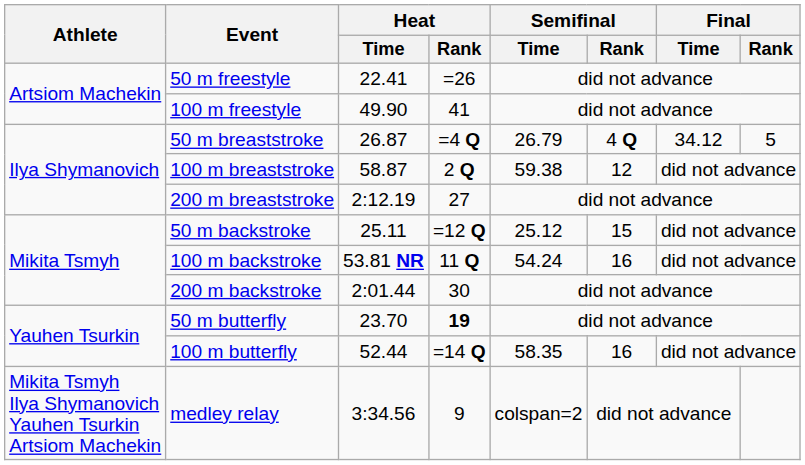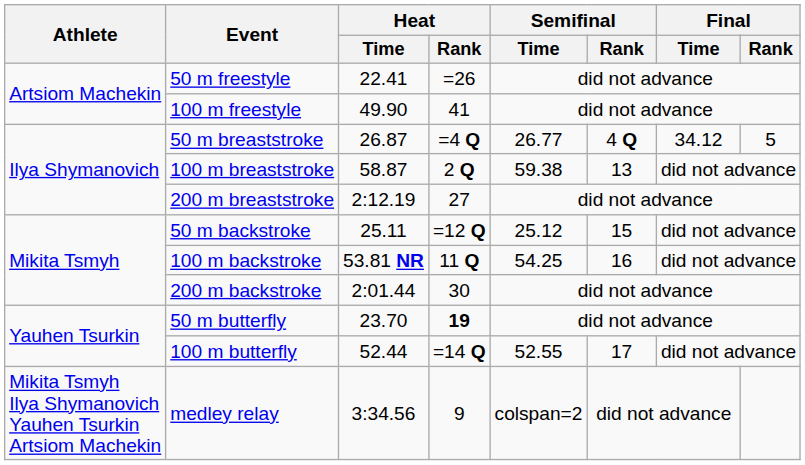 <table class="wikitable" style="text-align:center; font-size:90%">
 <tr>
 <th rowspan="2">Athlete</th>
 <th rowspan="2">Event</th>
 <th colspan="2">Heat</th>
 <th colspan="2">Semifinal</th>
 <th colspan="2">Final</th>
 </tr>
 <tr style="font-size:95%">
 <th>Time</th>
 <th>Rank</th>
 <th>Time</th>
 <th>Rank</th>
 <th>Time</th>
 <th>Rank</th>
 </tr>
 <tr>
 <td align=left rowspan=2><a href='#'>Artsiom Machekin</a></td>
 <td align=left><a href='#'>50 m freestyle</a></td>
 <td>22.41</td>
 <td>=26</td>
 <td colspan=4>did not advance</td>
 </tr>
 <tr>
 <td align=left><a href='#'>100 m freestyle</a></td>
 <td>49.90</td>
 <td>41</td>
 <td colspan=4>did not advance</td>
 </tr>
 <tr>
 <td align=left rowspan=3><a href='#'>Ilya Shymanovich</a></td>
 <td align=left><a href='#'>50 m breaststroke</a></td>
 <td>26.87</td>
 <td>=4 <strong>Q</strong></td>
-<td>26.79</td>
+<td>26.77</td>
 <td>4 <strong>Q</strong></td>
 <td>34.12</td>
 <td>5</td>
 </tr>
 <tr>
 <td align=left><a href='#'>100 m breaststroke</a></td>
 <td>58.87</td>
 <td>2 <strong>Q</strong></td>
 <td>59.38</td>
-<td>12</td>
+<td>13</td>
 <td colspan=2>did not advance</td>
 </tr>
 <tr>
 <td align=left><a href='#'>200 m breaststroke</a></td>
 <td>2:12.19</td>
 <td>27</td>
 <td colspan=4>did not advance</td>
 </tr>
 <tr>
 <td align=left rowspan=3><a href='#'>Mikita Tsmyh</a></td>
 <td align=left><a href='#'>50 m backstroke</a></td>
 <td>25.11</td>
 <td>=12 <strong>Q</strong></td>
 <td>25.12</td>
 <td>15</td>
 <td colspan=2>did not advance</td>
 </tr>
 <tr>
 <td align=left><a href='#'>100 m backstroke</a></td>
 <td>53.81 <strong><a href='#'>NR</a></strong></td>
 <td>11 <strong>Q</strong></td>
-<td>54.24</td>
+<td>54.25</td>
 <td>16</td>
 <td colspan=2>did not advance</td>
 </tr>
 <tr>
 <td align=left><a href='#'>200 m backstroke</a></td>
 <td>2:01.44</td>
 <td>30</td>
 <td colspan=4>did not advance</td>
 </tr>
 <tr>
 <td align=left rowspan=2><a href='#'>Yauhen Tsurkin</a></td>
 <td align=left><a href='#'>50 m butterfly</a></td>
 <td>23.70</td>
 <td><strong>19</strong></td>
 <td colspan=4>did not advance</td>
 </tr>
 <tr>
 <td align=left><a href='#'>100 m butterfly</a></td>
 <td>52.44</td>
 <td>=14 <strong>Q</strong></td>
-<td>58.35</td>
-<td>16</td>
+<td>52.55</td>
+<td>17</td>
 <td colspan=2>did not advance</td>
 </tr>
 <tr>
 <td align=left><a href='#'>Mikita Tsmyh</a><br><a href='#'>Ilya Shymanovich</a><br><a href='#'>Yauhen Tsurkin</a><br><a href='#'>Artsiom Machekin</a></td>
 <td align=left><a href='#'> medley relay</a></td>
 <td>3:34.56</td>
 <td>9</td>
 <td>colspan=2 </td>
 <td colspan=2>did not advance</td>
 </tr>
 </table>
